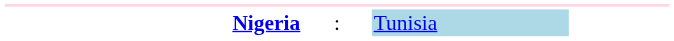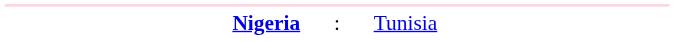 <table style="text-align:center" width=500>
 <tr>
 <th width=15%></th>
 <th width=30%></th>
 <th width=10%></th>
 <th width=30%></th>
 <th width=15%></th>
 </tr>
 <tr align="left" bgcolor=#ffd4e4>
 <td colspan=5></td>
 </tr>
 <tr>
 <td></td>
 <td align="right"><strong><a href='#'>Nigeria</a></strong> </td>
 <td>:</td>
-<td align="left" style="background: lightblue;"> <a href='#'>Tunisia</a></td>
+<td align="left"> <a href='#'>Tunisia</a></td>
 <td></td>
 </tr>
 </table>
